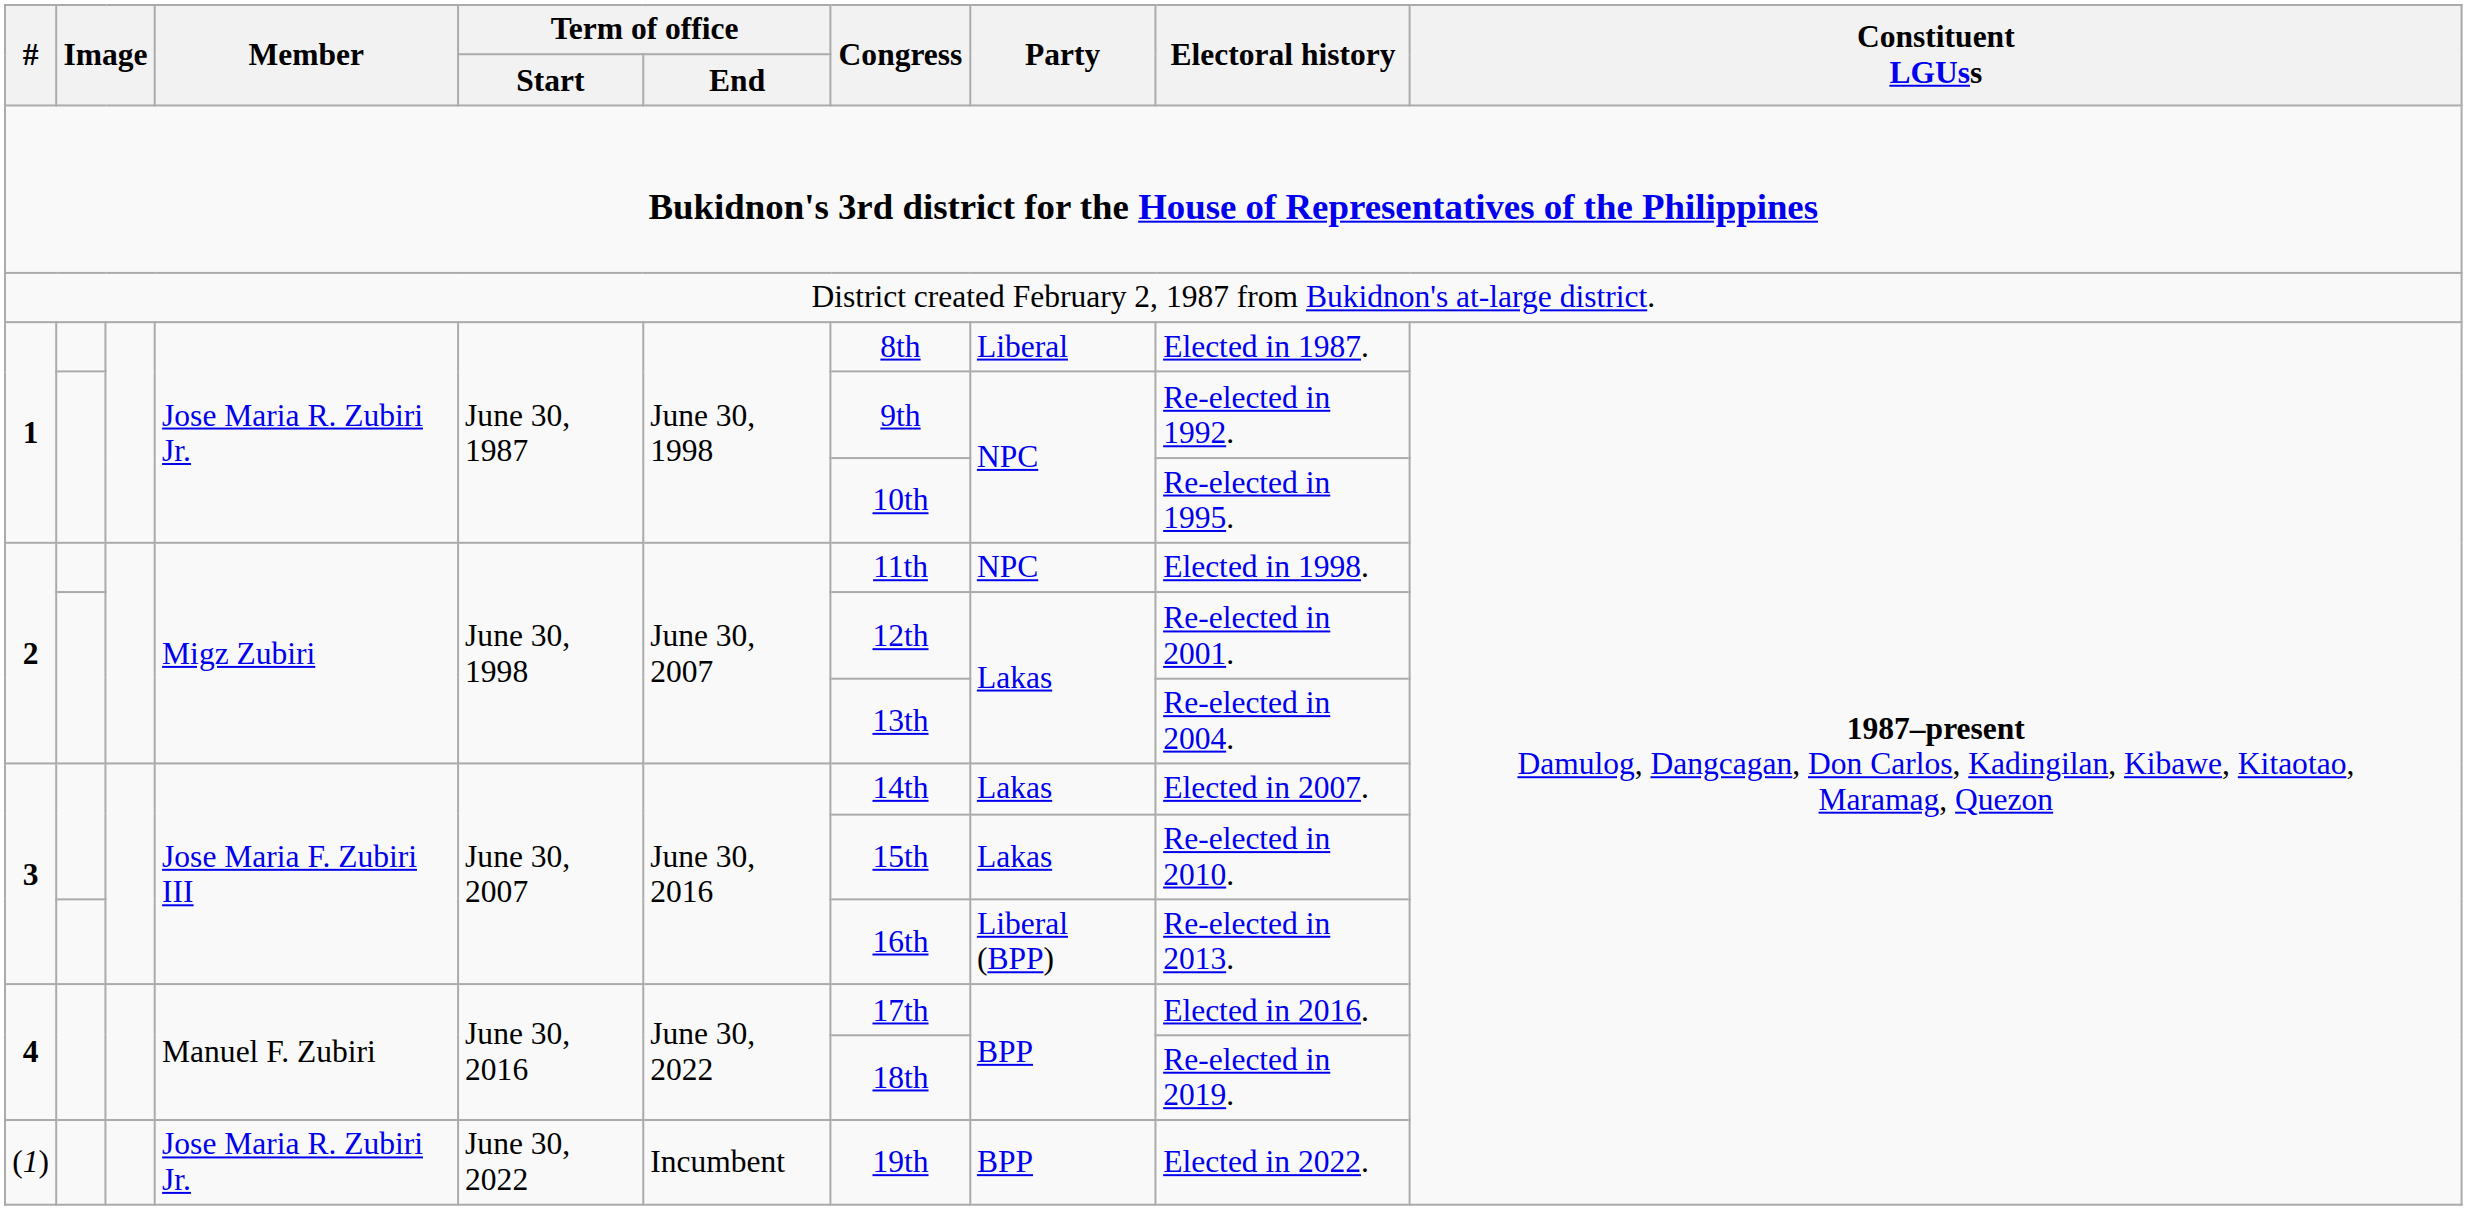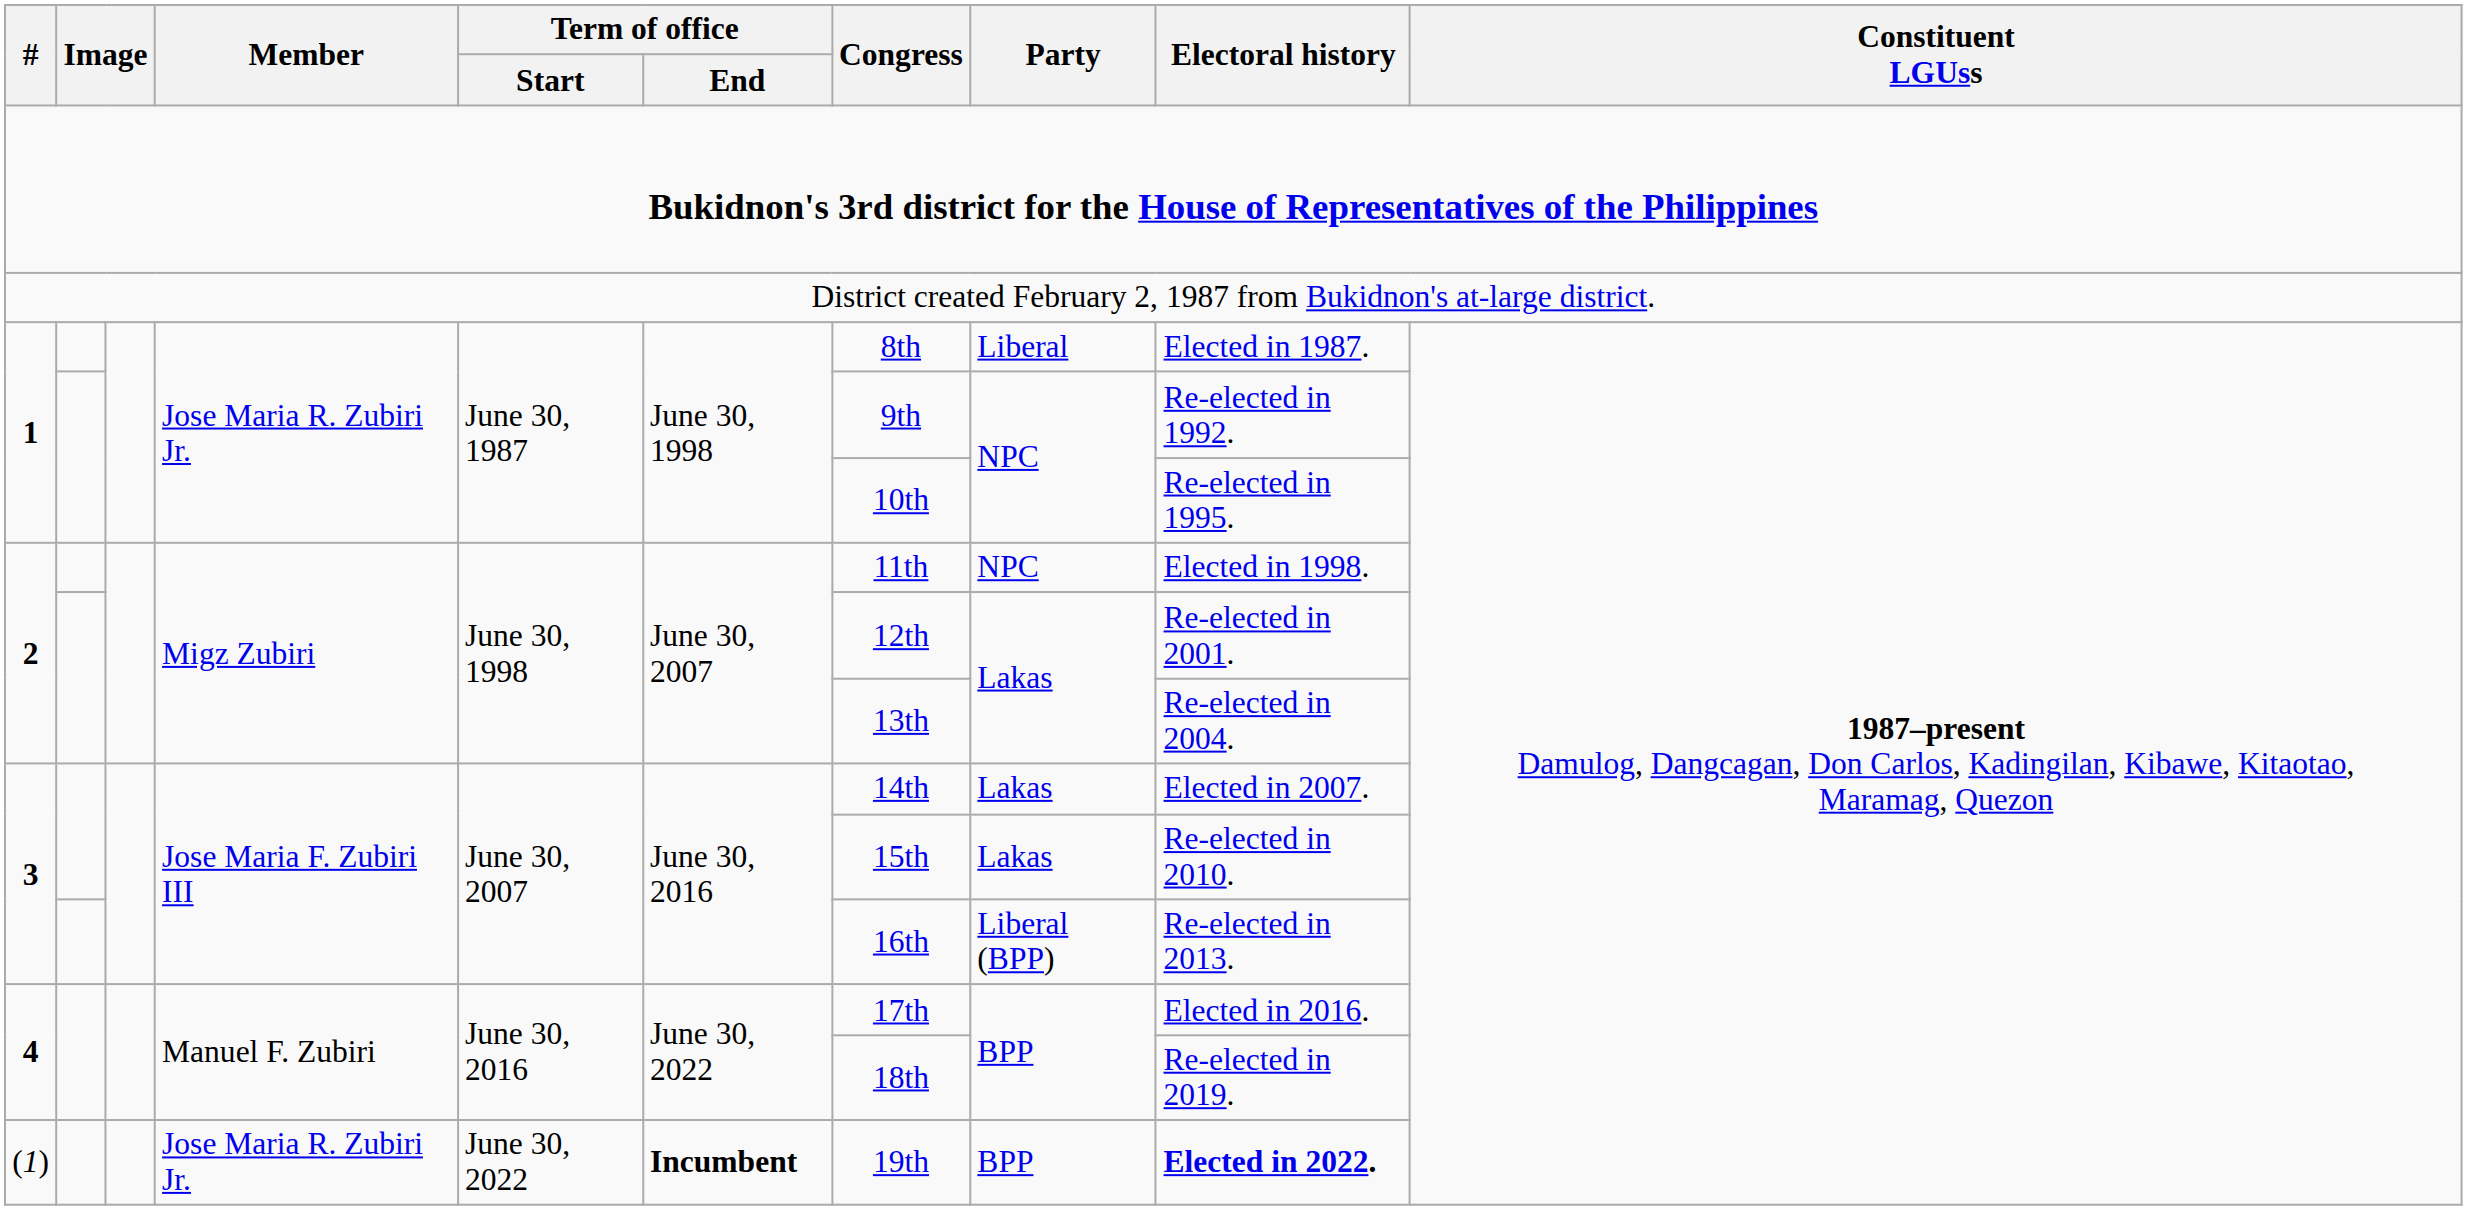 <table class=wikitable>
 <tr>
 <th rowspan="2">#</th>
 <th rowspan="2" colspan=2>Image</th>
 <th rowspan="2">Member</th>
 <th colspan=2>Term of office</th>
 <th rowspan="2">Congress</th>
 <th rowspan="2">Party</th>
 <th rowspan="2">Electoral history</th>
 <th rowspan="2">Constituent<br><a href='#'>LGUs</a>s</th>
 </tr>
 <tr>
 <th>Start</th>
 <th>End</th>
 </tr>
 <tr>
 <td colspan="10" style="text-align:center;"><br><h3>Bukidnon's 3rd district for the <a href='#'>House of Representatives of the Philippines</a></h3></td>
 </tr>
 <tr>
 <td colspan="10" style="text-align:center;">District created February 2, 1987 from <a href='#'>Bukidnon's at-large district</a>.</td>
 </tr>
 <tr>
 <td rowspan="3" style="text-align:center;"><strong>1</strong></td>
 <td style="color:inherit;background:"></td>
 <td rowspan="3"></td>
 <td rowspan="3"><a href='#'>Jose Maria R. Zubiri Jr.</a></td>
 <td rowspan="3">June 30, 1987</td>
 <td rowspan="3">June 30, 1998</td>
 <td style="text-align:center;"><a href='#'>8th</a></td>
 <td><a href='#'>Liberal</a></td>
 <td><a href='#'>Elected in 1987</a>.</td>
 <td rowspan=99 style="text-align:center;"><strong>1987–present</strong><br><a href='#'>Damulog</a>, <a href='#'>Dangcagan</a>, <a href='#'>Don Carlos</a>, <a href='#'>Kadingilan</a>, <a href='#'>Kibawe</a>, <a href='#'>Kitaotao</a>, <a href='#'>Maramag</a>, <a href='#'>Quezon</a></td>
 </tr>
 <tr>
 <td rowspan="2" style="color:inherit;background:"></td>
 <td style="text-align:center;"><a href='#'>9th</a></td>
 <td rowspan="2"><a href='#'>NPC</a></td>
 <td><a href='#'>Re-elected in 1992</a>.</td>
 </tr>
 <tr>
 <td style="text-align:center;"><a href='#'>10th</a></td>
 <td><a href='#'>Re-elected in 1995</a>.</td>
 </tr>
 <tr>
 <td rowspan="3" style="text-align:center;"><strong>2</strong></td>
 <td style="color:inherit;background:"></td>
 <td rowspan="3"></td>
 <td rowspan="3"><a href='#'>Migz Zubiri</a></td>
 <td rowspan="3">June 30, 1998</td>
 <td rowspan="3">June 30, 2007</td>
 <td style="text-align:center;"><a href='#'>11th</a></td>
 <td><a href='#'>NPC</a></td>
 <td><a href='#'>Elected in 1998</a>.</td>
 </tr>
 <tr>
 <td rowspan="2" style="color:inherit;background:"></td>
 <td style="text-align:center;"><a href='#'>12th</a></td>
 <td rowspan="2"><a href='#'>Lakas</a></td>
 <td><a href='#'>Re-elected in 2001</a>.</td>
 </tr>
 <tr>
 <td style="text-align:center;"><a href='#'>13th</a></td>
 <td><a href='#'>Re-elected in 2004</a>.</td>
 </tr>
 <tr>
 <td rowspan="3" style="text-align:center;"><strong>3</strong></td>
 <td rowspan="2" style="color:inherit;background:"></td>
 <td rowspan="3"></td>
 <td rowspan="3"><a href='#'>Jose Maria F. Zubiri III</a></td>
 <td rowspan="3">June 30, 2007</td>
 <td rowspan="3">June 30, 2016</td>
 <td style="text-align:center;"><a href='#'>14th</a></td>
 <td><a href='#'>Lakas</a></td>
 <td><a href='#'>Elected in 2007</a>.</td>
 </tr>
 <tr>
 <td style="text-align:center;"><a href='#'>15th</a></td>
 <td><a href='#'>Lakas</a></td>
 <td><a href='#'>Re-elected in 2010</a>.</td>
 </tr>
 <tr>
 <td style="color:inherit;background:"></td>
 <td style="text-align:center;"><a href='#'>16th</a></td>
 <td><a href='#'>Liberal</a> (<a href='#'>BPP</a>)</td>
 <td><a href='#'>Re-elected in 2013</a>.</td>
 </tr>
 <tr>
 <td rowspan="2" style="text-align:center;"><strong>4</strong></td>
 <td rowspan="2" style="color:inherit;background:"></td>
 <td rowspan="2"></td>
 <td rowspan="2">Manuel F. Zubiri</td>
 <td rowspan="2">June 30, 2016</td>
 <td rowspan="2">June 30, 2022</td>
 <td style="text-align:center;"><a href='#'>17th</a></td>
 <td rowspan="2"><a href='#'>BPP</a></td>
 <td><a href='#'>Elected in 2016</a>.</td>
 </tr>
 <tr>
 <td style="text-align:center;"><a href='#'>18th</a></td>
 <td><a href='#'>Re-elected in 2019</a>.</td>
 </tr>
 <tr>
 <td style="text-align:center;">(<em>1</em>)</td>
 <td style="color:inherit;background:"></td>
 <td></td>
 <td><a href='#'>Jose Maria R. Zubiri Jr.</a></td>
 <td>June 30, 2022</td>
-<td>Incumbent</td>
+<td><strong>Incumbent</strong></td>
 <td style="text-align:center;"><a href='#'>19th</a></td>
 <td><a href='#'>BPP</a></td>
-<td><a href='#'>Elected in 2022</a>.</td>
+<td><strong><a href='#'>Elected in 2022</a>.</strong></td>
 </tr>
 </table>
